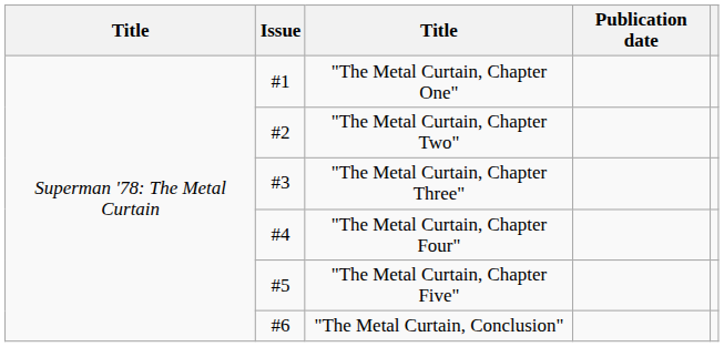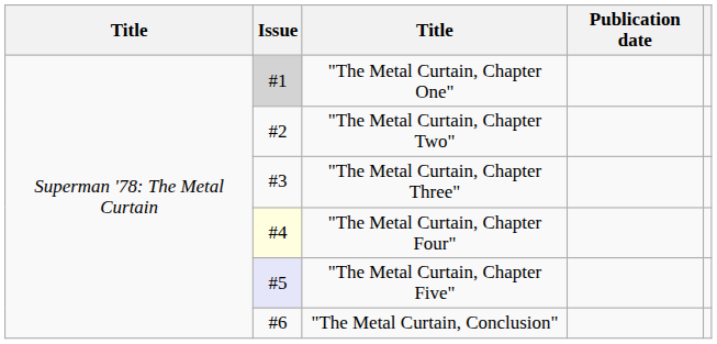 <table class="wikitable" style="text-align:center;">
 <tr>
 <th>Title</th>
 <th>Issue</th>
 <th>Title</th>
 <th>Publication date</th>
 <th></th>
 </tr>
 <tr>
 <td rowspan="6"><em>Superman '78: The Metal Curtain</em></td>
-<td>#1</td>
+<td style="background: lightgrey;">#1</td>
 <td>"The Metal Curtain, Chapter One"</td>
 <td></td>
 <td></td>
 </tr>
 <tr>
 <td>#2</td>
 <td>"The Metal Curtain, Chapter Two"</td>
 <td></td>
 <td></td>
 </tr>
 <tr>
 <td>#3</td>
 <td>"The Metal Curtain, Chapter Three"</td>
 <td></td>
 <td></td>
 </tr>
 <tr>
-<td>#4</td>
+<td style="background: lightyellow;">#4</td>
 <td>"The Metal Curtain, Chapter Four"</td>
 <td></td>
 <td></td>
 </tr>
 <tr>
-<td>#5</td>
+<td style="background: lavender;">#5</td>
 <td>"The Metal Curtain, Chapter Five"</td>
 <td></td>
 <td></td>
 </tr>
 <tr>
 <td>#6</td>
 <td>"The Metal Curtain, Conclusion"</td>
 <td></td>
 <td></td>
 </tr>
 </table>
